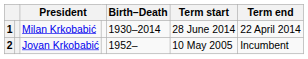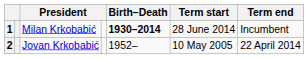 <table class="wikitable">
 <tr>
 <th colspan="2"></th>
 <th colspan="2">President</th>
 <th>Birth–Death</th>
 <th>Term start</th>
 <th>Term end</th>
 </tr>
 <tr>
 <th>1</th>
 <th style="background:"></th>
 <td><a href='#'>Milan Krkobabić</a></td>
 <td></td>
-<td>1930–2014</td>
+<td><strong>1930–2014</strong></td>
 <td>28 June 2014</td>
-<td>22 April 2014</td>
+<td>Incumbent</td>
 </tr>
 <tr>
 <th>2</th>
 <th style="background:"></th>
 <td><a href='#'>Jovan Krkobabić</a></td>
 <td></td>
 <td>1952–</td>
 <td>10 May 2005</td>
-<td>Incumbent</td>
+<td>22 April 2014</td>
 </tr>
 </table>
